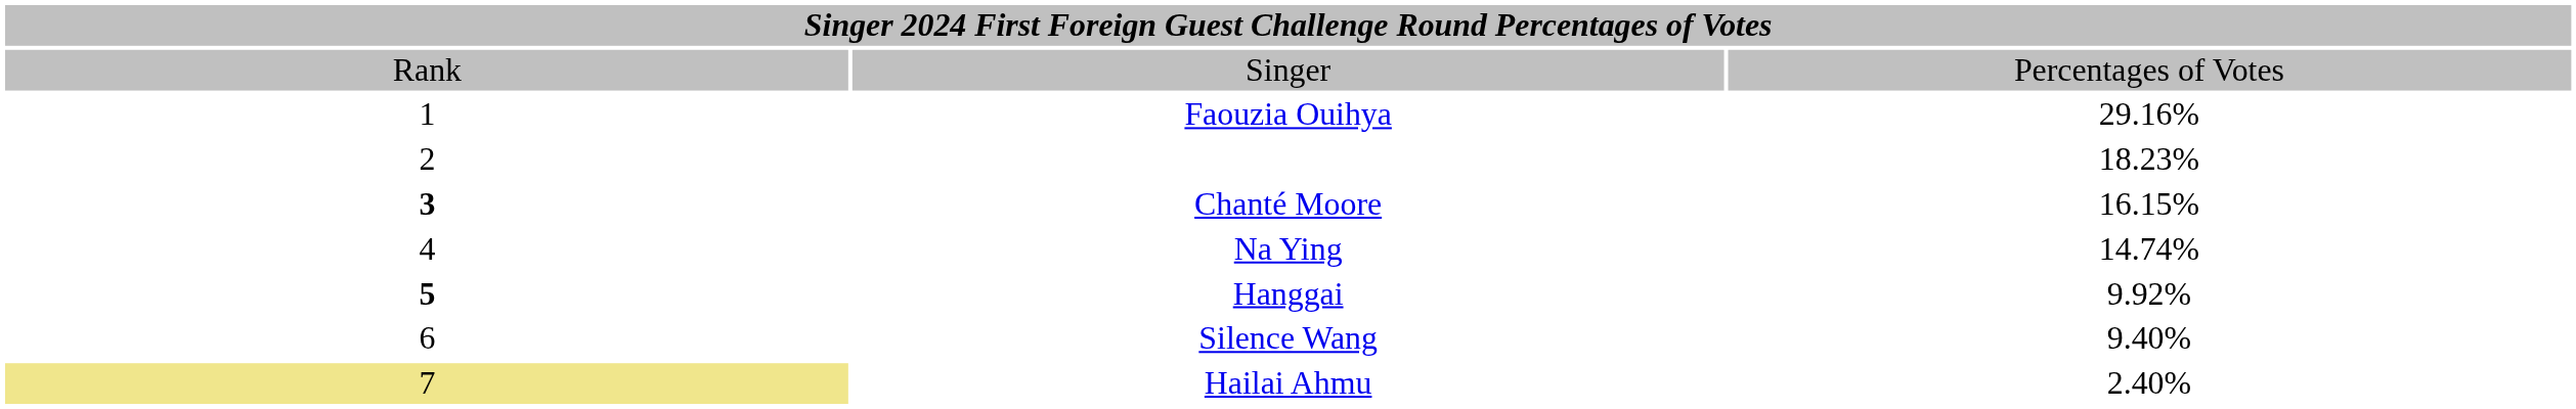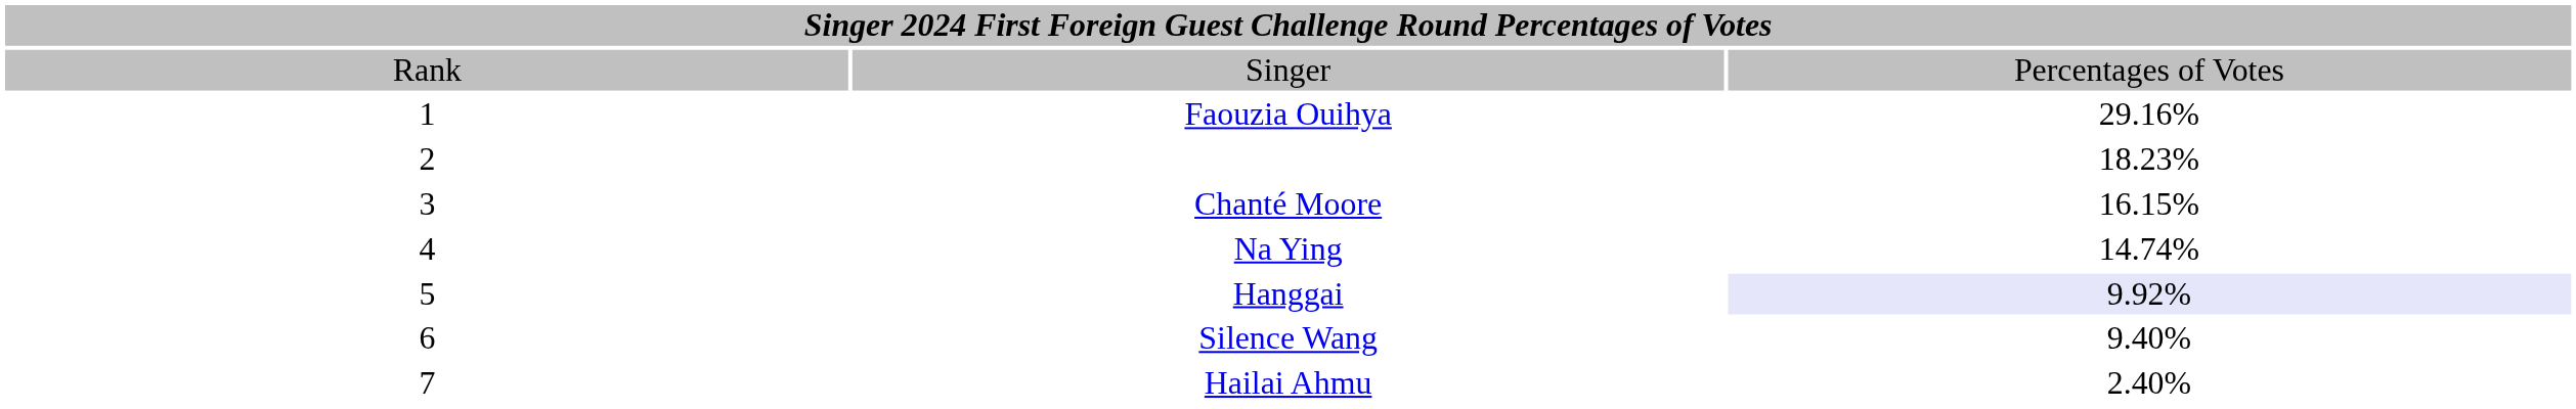 <table width="100%" style="text-align:center">
 <tr align=center style="background:silver">
 <td colspan="3"><div><strong><em>Singer<em> 2024 First Foreign Guest Challenge Round Percentages of Votes<strong></div></td>
 </tr>
 <tr align=center style="background:silver">
 <td style="width:33%"></strong>Rank<strong></td>
 <td style="width:34%"></strong>Singer<strong></td>
 <td style="width:33%"></strong>Percentages of Votes<strong></td>
 </tr>
 <tr>
 <td>1</td>
 <td><a href='#'>Faouzia Ouihya</a></td>
 <td>29.16%</td>
 </tr>
 <tr>
 <td>2</td>
 <td></td>
 <td>18.23%</td>
 </tr>
 <tr>
-<td><strong>3</strong></td>
+<td>3</td>
 <td><a href='#'>Chanté Moore</a></td>
 <td>16.15%</td>
 </tr>
 <tr>
 <td>4</td>
 <td><a href='#'>Na Ying</a></td>
 <td>14.74%</td>
 </tr>
 <tr>
-<td><strong>5</strong></td>
+<td>5</td>
 <td><a href='#'>Hanggai</a></td>
-<td>9.92%</td>
+<td style="background: lavender;">9.92%</td>
 </tr>
 <tr>
 <td>6</td>
 <td><a href='#'>Silence Wang</a></td>
 <td>9.40%</td>
 </tr>
 <tr>
-<td style="background: khaki;">7</td>
+<td>7</td>
 <td><a href='#'>Hailai Ahmu</a></td>
 <td>2.40%</td>
 </tr>
 </table>
